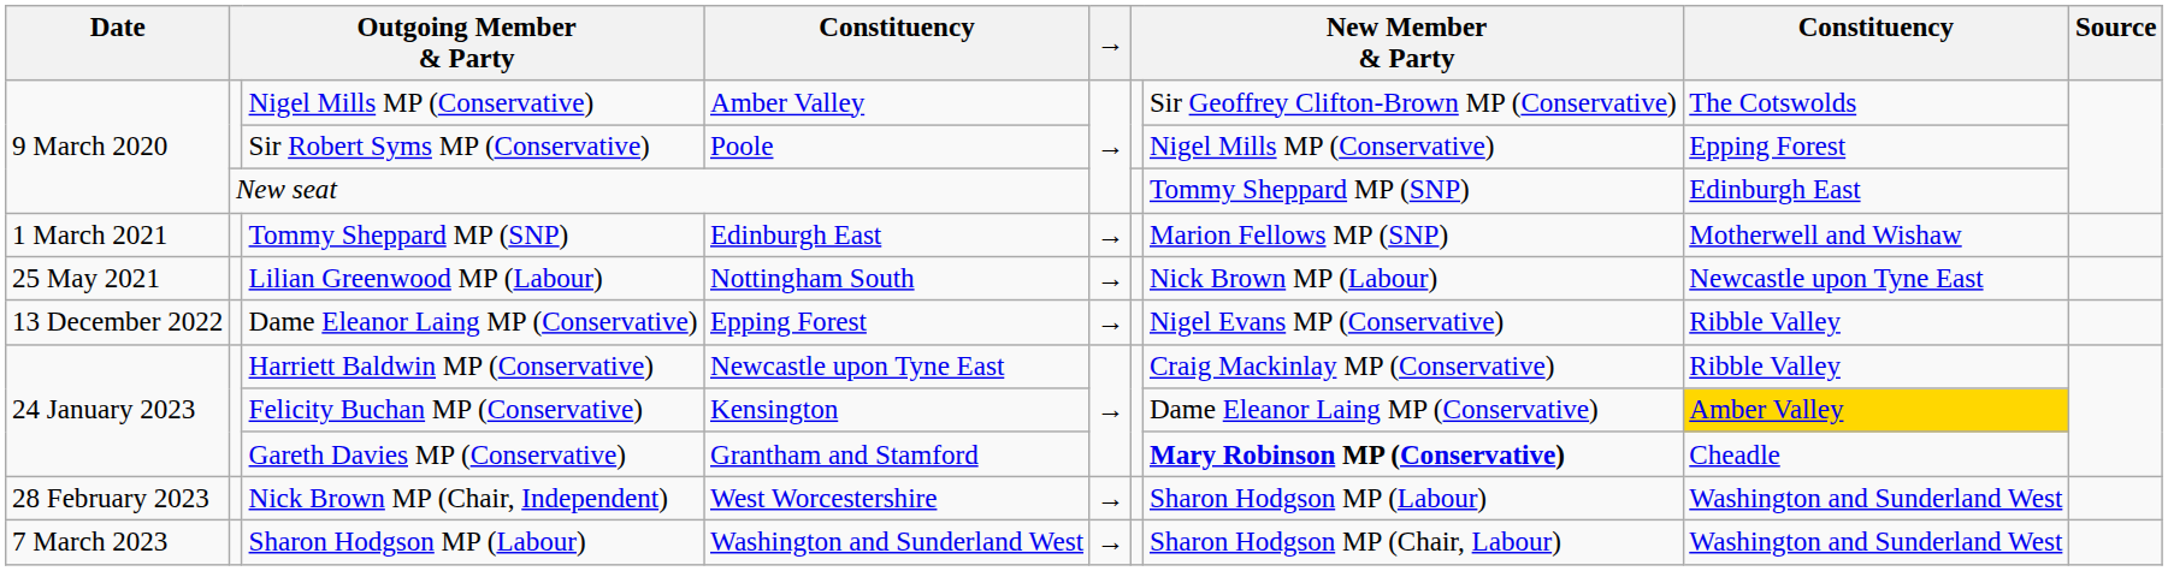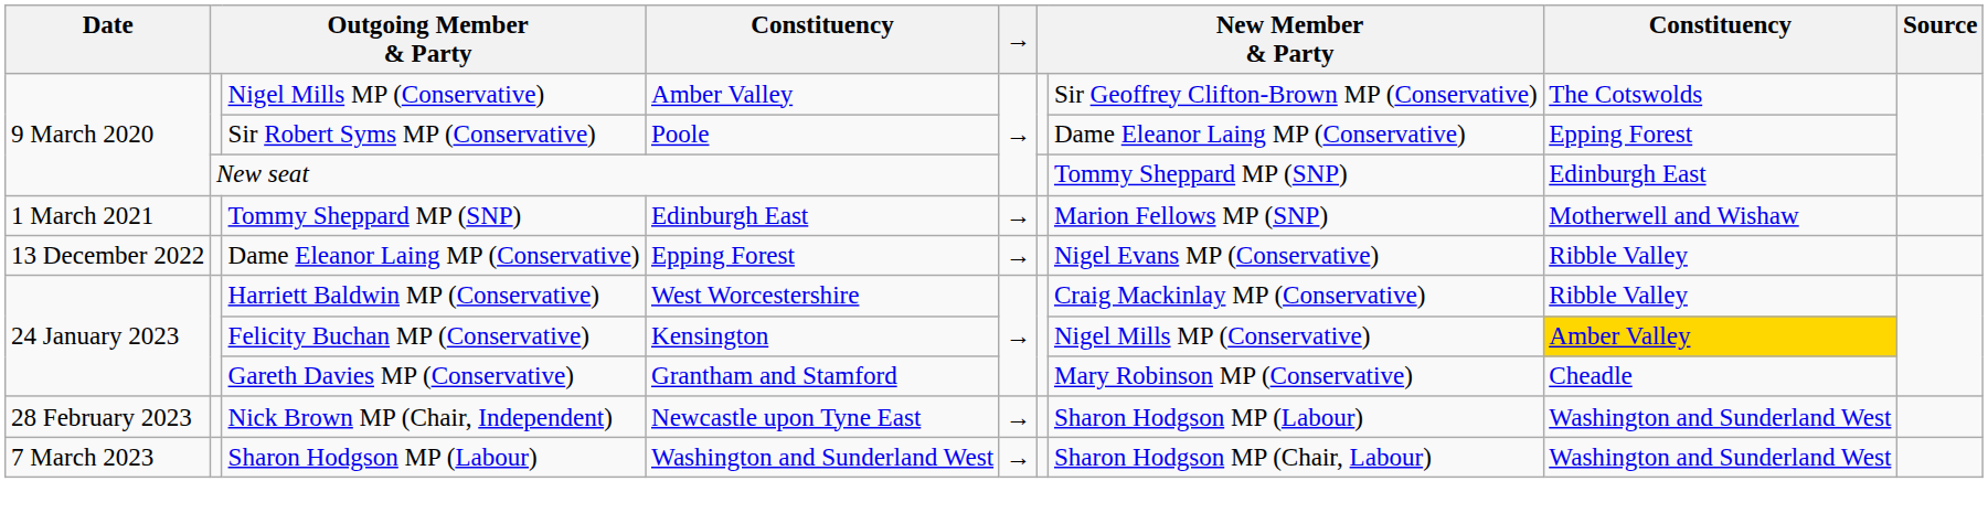 <table class="wikitable">
 <tr>
 <th valign="top">Date</th>
 <th colspan="2" valign="top">Outgoing Member<br>& Party</th>
 <th valign="top">Constituency</th>
 <th>→</th>
 <th colspan="2" valign="top">New Member<br>& Party</th>
 <th valign="top">Constituency</th>
 <th valign="top">Source</th>
 </tr>
 <tr>
 <td rowspan=3 nowrap>9 March 2020</td>
 <td rowspan=2 style="color:inherit;background:"></td>
 <td><a href='#'>Nigel Mills</a> MP (<a href='#'>Conservative</a>)</td>
 <td><a href='#'>Amber Valley</a></td>
 <td rowspan=3>→</td>
 <td rowspan=2 style="color:inherit;background:"></td>
 <td>Sir <a href='#'>Geoffrey Clifton-Brown</a> MP (<a href='#'>Conservative</a>)</td>
 <td><a href='#'>The Cotswolds</a></td>
 <td rowspan=3></td>
 </tr>
 <tr>
 <td>Sir <a href='#'>Robert Syms</a> MP (<a href='#'>Conservative</a>)</td>
 <td><a href='#'>Poole</a></td>
-<td><a href='#'>Nigel Mills</a> MP (<a href='#'>Conservative</a>)</td>
+<td>Dame <a href='#'>Eleanor Laing</a> MP (<a href='#'>Conservative</a>)</td>
 <td><a href='#'>Epping Forest</a></td>
 </tr>
 <tr>
 <td colspan=3><em>New seat</em></td>
 <td style="color:inherit;background:"></td>
 <td><a href='#'>Tommy Sheppard</a> MP (<a href='#'>SNP</a>)</td>
 <td><a href='#'>Edinburgh East</a></td>
 </tr>
 <tr>
 <td nowrap>1 March 2021</td>
 <td style="color:inherit;background:"></td>
 <td><a href='#'>Tommy Sheppard</a> MP (<a href='#'>SNP</a>)</td>
 <td><a href='#'>Edinburgh East</a></td>
 <td>→</td>
 <td style="color:inherit;background:"></td>
 <td><a href='#'>Marion Fellows</a> MP (<a href='#'>SNP</a>)</td>
 <td><a href='#'>Motherwell and Wishaw</a></td>
 <td></td>
 </tr>
 <tr>
-<td nowrap>25 May 2021</td>
-<td style="color:inherit;background:"></td>
-<td><a href='#'>Lilian Greenwood</a> MP (<a href='#'>Labour</a>)</td>
-<td><a href='#'>Nottingham South</a></td>
-<td>→</td>
-<td style="color:inherit;background:"></td>
-<td><a href='#'>Nick Brown</a> MP (<a href='#'>Labour</a>)</td>
-<td><a href='#'>Newcastle upon Tyne East</a></td>
-<td></td>
-</tr>
-<tr>
 <td nowrap>13 December 2022</td>
 <td style="color:inherit;background:"></td>
 <td>Dame <a href='#'>Eleanor Laing</a> MP (<a href='#'>Conservative</a>)</td>
 <td><a href='#'>Epping Forest</a></td>
 <td>→</td>
 <td style="color:inherit;background:"></td>
 <td><a href='#'>Nigel Evans</a> MP (<a href='#'>Conservative</a>)</td>
 <td><a href='#'>Ribble Valley</a></td>
 <td></td>
 </tr>
 <tr>
 <td nowrap rowspan=3>24 January 2023</td>
 <td rowspan=3 style="color:inherit;background:"></td>
 <td><a href='#'>Harriett Baldwin</a> MP (<a href='#'>Conservative</a>)</td>
-<td><a href='#'>Newcastle upon Tyne East</a></td>
+<td><a href='#'>West Worcestershire</a></td>
 <td rowspan=3>→</td>
 <td rowspan=3 style="color:inherit;background:"></td>
 <td><a href='#'>Craig Mackinlay</a> MP (<a href='#'>Conservative</a>)</td>
 <td><a href='#'>Ribble Valley</a></td>
 <td rowspan=3></td>
 </tr>
 <tr>
 <td><a href='#'>Felicity Buchan</a> MP (<a href='#'>Conservative</a>)</td>
 <td><a href='#'>Kensington</a></td>
-<td>Dame <a href='#'>Eleanor Laing</a> MP (<a href='#'>Conservative</a>)</td>
+<td><a href='#'>Nigel Mills</a> MP (<a href='#'>Conservative</a>)</td>
 <td style="background: gold;"><a href='#'>Amber Valley</a></td>
 </tr>
 <tr>
 <td><a href='#'>Gareth Davies</a> MP (<a href='#'>Conservative</a>)</td>
 <td><a href='#'>Grantham and Stamford</a></td>
-<td><strong><a href='#'>Mary Robinson</a> MP (<a href='#'>Conservative</a>)</strong></td>
+<td><a href='#'>Mary Robinson</a> MP (<a href='#'>Conservative</a>)</td>
 <td><a href='#'>Cheadle</a></td>
 </tr>
 <tr>
 <td nowrap>28 February 2023</td>
 <td style="color:inherit;background:"></td>
 <td><a href='#'>Nick Brown</a> MP (Chair, <a href='#'>Independent</a>)</td>
-<td><a href='#'>West Worcestershire</a></td>
+<td><a href='#'>Newcastle upon Tyne East</a></td>
 <td>→</td>
 <td style="color:inherit;background:"></td>
 <td><a href='#'>Sharon Hodgson</a> MP (<a href='#'>Labour</a>)</td>
 <td><a href='#'>Washington and Sunderland West</a></td>
 <td></td>
 </tr>
 <tr>
 <td nowrap>7 March 2023</td>
 <td style="color:inherit;background:"></td>
 <td><a href='#'>Sharon Hodgson</a> MP (<a href='#'>Labour</a>)</td>
 <td><a href='#'>Washington and Sunderland West</a></td>
 <td>→</td>
 <td style="color:inherit;background:"></td>
 <td><a href='#'>Sharon Hodgson</a> MP (Chair, <a href='#'>Labour</a>)</td>
 <td><a href='#'>Washington and Sunderland West</a></td>
 <td></td>
 </tr>
 </table>
